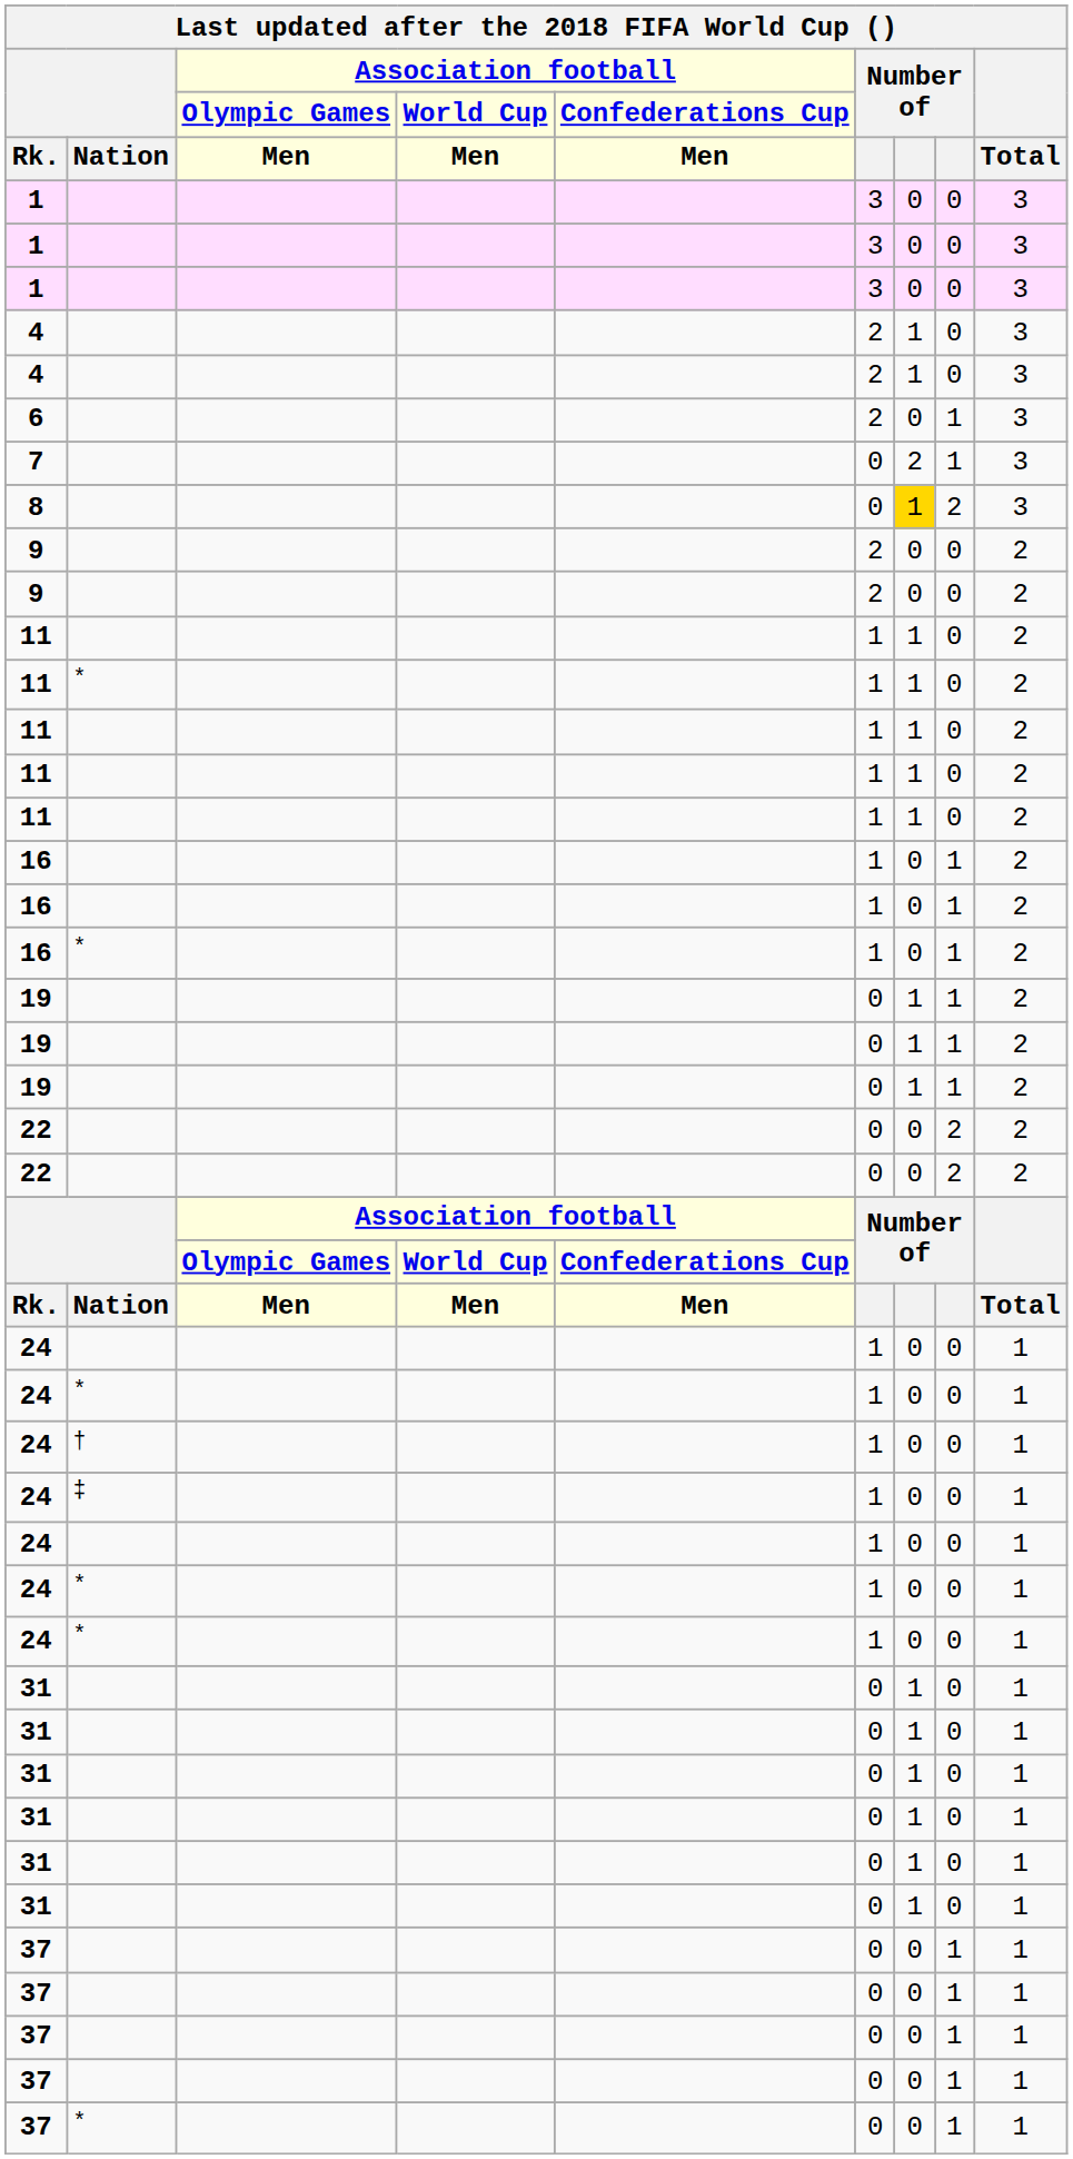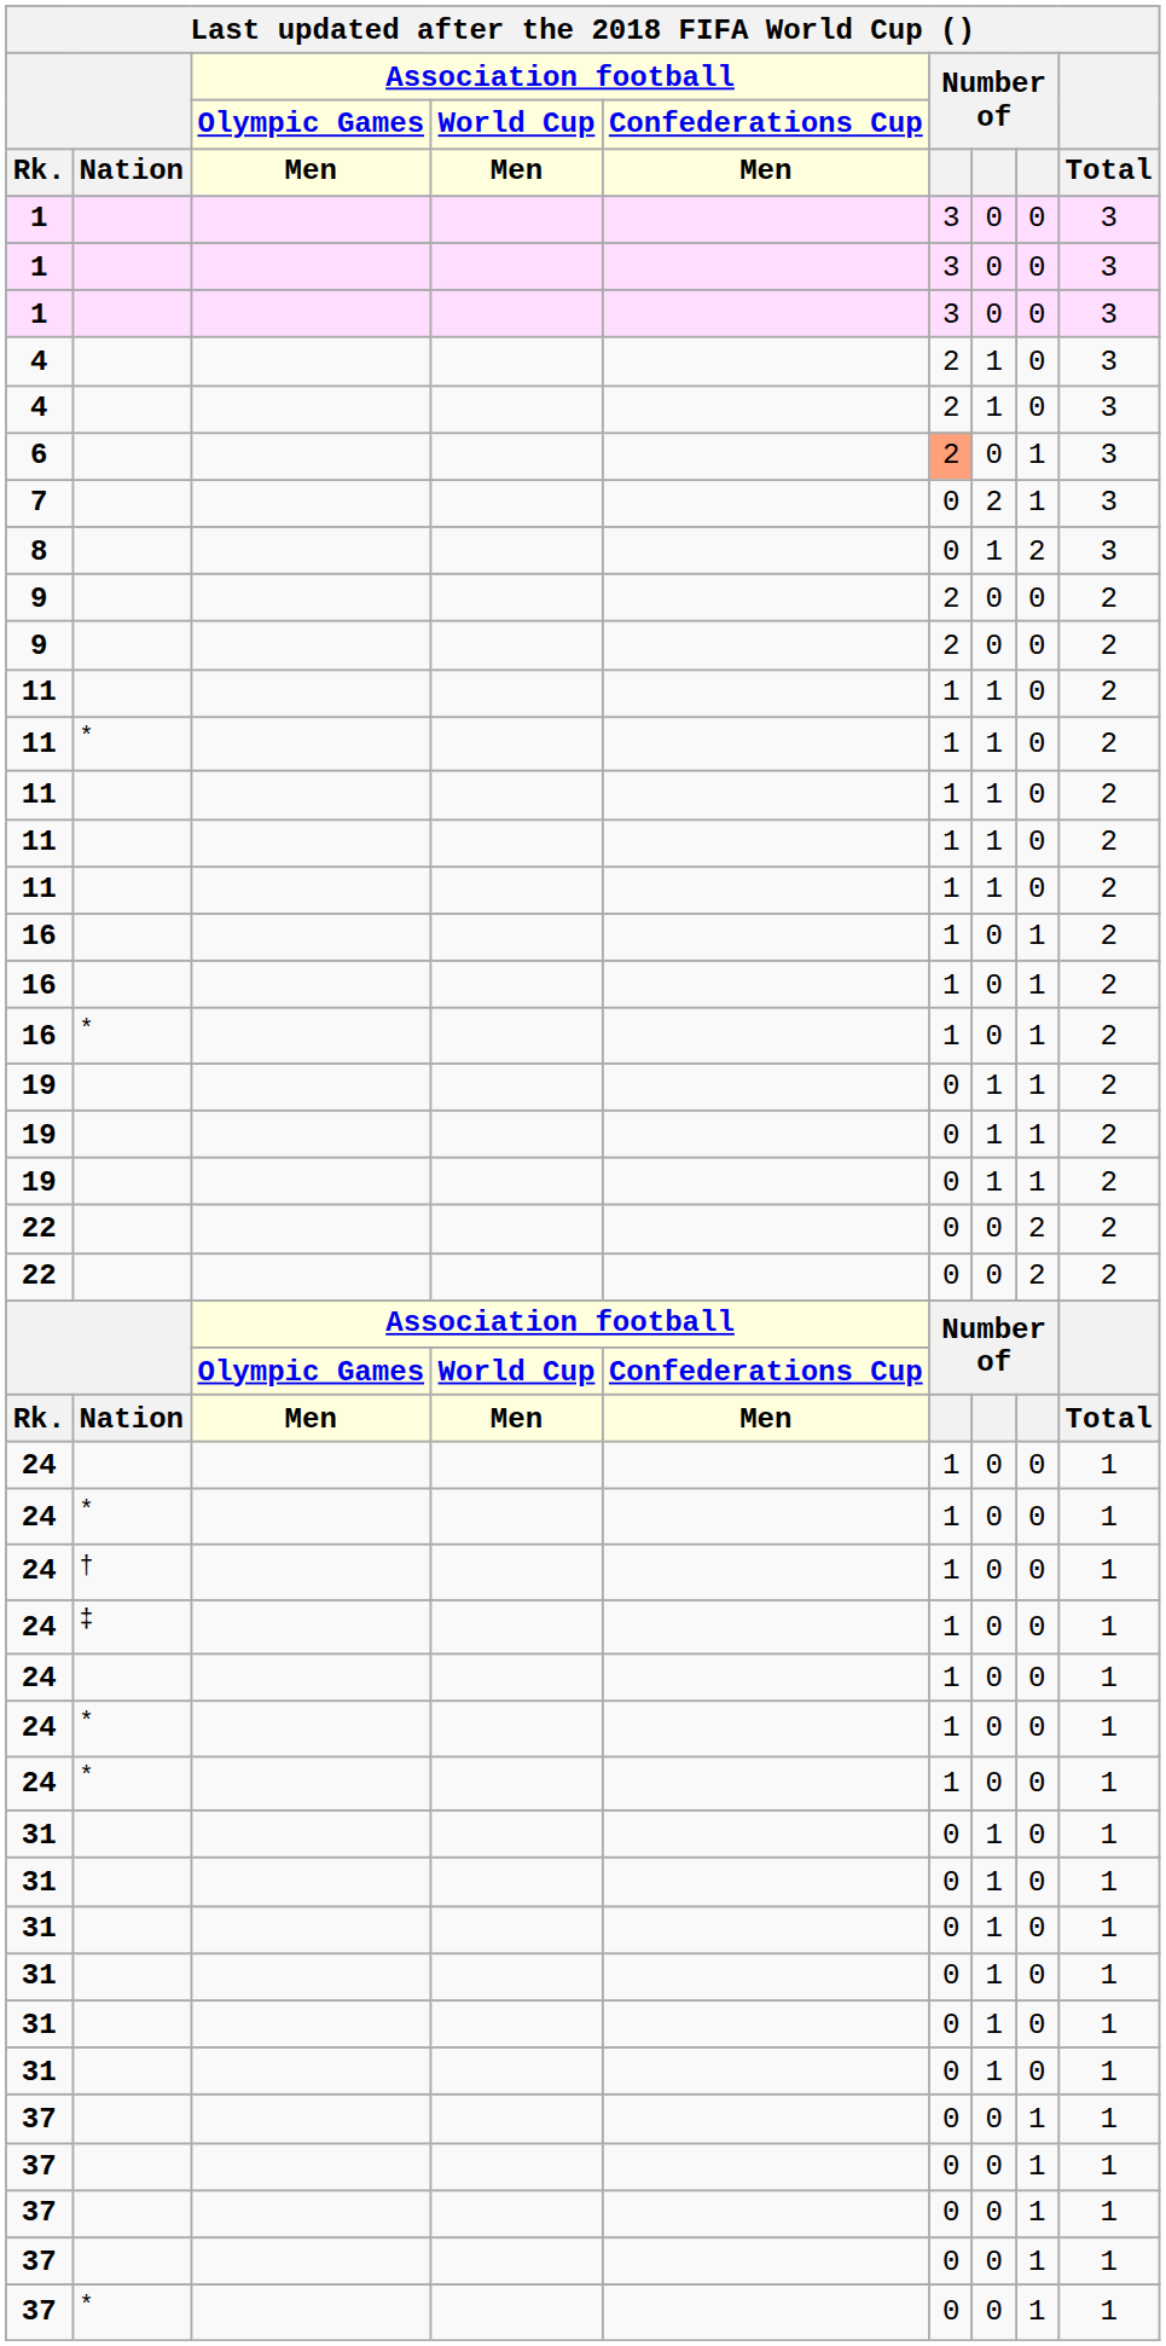 <table class="wikitable" style="margin-top: 0em; text-align: center; font-size: 100%;">
 <tr>
 <th colspan="11">Last updated after the 2018 FIFA World Cup ()</th>
 </tr>
 <tr>
 <th rowspan="2" colspan="2"></th>
 <th colspan="3" style="background: #ffd;"><a href='#'>Association football</a></th>
 <th rowspan="2" colspan="3">Number of</th>
 <th rowspan="2"></th>
 </tr>
 <tr>
 <th style="background: #ffd;"><a href='#'>Olympic Games</a></th>
 <th style="background: #ffd;"><a href='#'>World Cup</a></th>
 <th style="background: #ffd;"><a href='#'>Confederations Cup</a></th>
 </tr>
 <tr>
 <th style="width: 1em;">Rk.</th>
 <th>Nation</th>
 <th style="background: #ffd;">Men</th>
 <th style="background: #ffd;">Men</th>
 <th style="background: #ffd;">Men</th>
 <th style="width: 1em;"></th>
 <th style="width: 1em;"></th>
 <th style="width: 1em;"></th>
 <th style="width: 1em;">Total</th>
 </tr>
 <tr style="background: #fdf;">
 <td><strong>1</strong></td>
 <td style="text-align: left;"></td>
 <td></td>
 <td></td>
 <td></td>
 <td>3</td>
 <td>0</td>
 <td>0</td>
 <td>3</td>
 </tr>
 <tr style="background: #fdf;">
 <td><strong>1</strong></td>
 <td style="text-align: left;"></td>
 <td></td>
 <td></td>
 <td></td>
 <td>3</td>
 <td>0</td>
 <td>0</td>
 <td>3</td>
 </tr>
 <tr style="background: #fdf;">
 <td><strong>1</strong></td>
 <td style="text-align: left;"></td>
 <td></td>
 <td></td>
 <td></td>
 <td>3</td>
 <td>0</td>
 <td>0</td>
 <td>3</td>
 </tr>
 <tr>
 <td><strong>4</strong></td>
 <td style="text-align: left;"></td>
 <td></td>
 <td></td>
 <td></td>
 <td>2</td>
 <td>1</td>
 <td>0</td>
 <td>3</td>
 </tr>
 <tr>
 <td><strong>4</strong></td>
 <td style="text-align: left;"></td>
 <td></td>
 <td></td>
 <td></td>
 <td>2</td>
 <td>1</td>
 <td>0</td>
 <td>3</td>
 </tr>
 <tr>
 <td><strong>6</strong></td>
 <td style="text-align: left;"></td>
 <td></td>
 <td></td>
 <td></td>
-<td>2</td>
+<td style="background: lightsalmon;">2</td>
 <td>0</td>
 <td>1</td>
 <td>3</td>
 </tr>
 <tr>
 <td><strong>7</strong></td>
 <td style="text-align: left;"></td>
 <td></td>
 <td></td>
 <td></td>
 <td>0</td>
 <td>2</td>
 <td>1</td>
 <td>3</td>
 </tr>
 <tr>
 <td><strong>8</strong></td>
 <td style="text-align: left;"></td>
 <td></td>
 <td></td>
 <td></td>
 <td>0</td>
-<td style="background: gold;">1</td>
+<td>1</td>
 <td>2</td>
 <td>3</td>
 </tr>
 <tr>
 <td><strong>9</strong></td>
 <td style="text-align: left;"></td>
 <td></td>
 <td></td>
 <td></td>
 <td>2</td>
 <td>0</td>
 <td>0</td>
 <td>2</td>
 </tr>
 <tr>
 <td><strong>9</strong></td>
 <td style="text-align: left;"></td>
 <td></td>
 <td></td>
 <td></td>
 <td>2</td>
 <td>0</td>
 <td>0</td>
 <td>2</td>
 </tr>
 <tr>
 <td><strong>11</strong></td>
 <td style="text-align: left;"></td>
 <td></td>
 <td></td>
 <td></td>
 <td>1</td>
 <td>1</td>
 <td>0</td>
 <td>2</td>
 </tr>
 <tr>
 <td><strong>11</strong></td>
 <td style="text-align: left;"><em></em><sup>*</sup></td>
 <td></td>
 <td></td>
 <td></td>
 <td>1</td>
 <td>1</td>
 <td>0</td>
 <td>2</td>
 </tr>
 <tr>
 <td><strong>11</strong></td>
 <td style="text-align: left;"></td>
 <td></td>
 <td></td>
 <td></td>
 <td>1</td>
 <td>1</td>
 <td>0</td>
 <td>2</td>
 </tr>
 <tr>
 <td><strong>11</strong></td>
 <td style="text-align: left;"></td>
 <td></td>
 <td></td>
 <td></td>
 <td>1</td>
 <td>1</td>
 <td>0</td>
 <td>2</td>
 </tr>
 <tr>
 <td><strong>11</strong></td>
 <td style="text-align: left;"></td>
 <td></td>
 <td></td>
 <td></td>
 <td>1</td>
 <td>1</td>
 <td>0</td>
 <td>2</td>
 </tr>
 <tr>
 <td><strong>16</strong></td>
 <td style="text-align: left;"></td>
 <td></td>
 <td></td>
 <td></td>
 <td>1</td>
 <td>0</td>
 <td>1</td>
 <td>2</td>
 </tr>
 <tr>
 <td><strong>16</strong></td>
 <td style="text-align: left;"></td>
 <td></td>
 <td></td>
 <td></td>
 <td>1</td>
 <td>0</td>
 <td>1</td>
 <td>2</td>
 </tr>
 <tr>
 <td><strong>16</strong></td>
 <td style="text-align: left;"><em></em><sup>*</sup></td>
 <td></td>
 <td></td>
 <td></td>
 <td>1</td>
 <td>0</td>
 <td>1</td>
 <td>2</td>
 </tr>
 <tr>
 <td><strong>19</strong></td>
 <td style="text-align: left;"></td>
 <td></td>
 <td></td>
 <td></td>
 <td>0</td>
 <td>1</td>
 <td>1</td>
 <td>2</td>
 </tr>
 <tr>
 <td><strong>19</strong></td>
 <td style="text-align: left;"></td>
 <td></td>
 <td></td>
 <td></td>
 <td>0</td>
 <td>1</td>
 <td>1</td>
 <td>2</td>
 </tr>
 <tr>
 <td><strong>19</strong></td>
 <td style="text-align: left;"></td>
 <td></td>
 <td></td>
 <td></td>
 <td>0</td>
 <td>1</td>
 <td>1</td>
 <td>2</td>
 </tr>
 <tr>
 <td><strong>22</strong></td>
 <td style="text-align: left;"></td>
 <td></td>
 <td></td>
 <td></td>
 <td>0</td>
 <td>0</td>
 <td>2</td>
 <td>2</td>
 </tr>
 <tr>
 <td><strong>22</strong></td>
 <td style="text-align: left;"></td>
 <td></td>
 <td></td>
 <td></td>
 <td>0</td>
 <td>0</td>
 <td>2</td>
 <td>2</td>
 </tr>
 <tr>
 <th rowspan="2" colspan="2"></th>
 <th colspan="3" style="background: #ffd;"><a href='#'>Association football</a></th>
 <th rowspan="2" colspan="3">Number of</th>
 <th rowspan="2"></th>
 </tr>
 <tr>
 <th style="background: #ffd;"><a href='#'>Olympic Games</a></th>
 <th style="background: #ffd;"><a href='#'>World Cup</a></th>
 <th style="background: #ffd;"><a href='#'>Confederations Cup</a></th>
 </tr>
 <tr>
 <th style="width: 1em;">Rk.</th>
 <th>Nation</th>
 <th style="background: #ffd;">Men</th>
 <th style="background: #ffd;">Men</th>
 <th style="background: #ffd;">Men</th>
 <th style="width: 1em;"></th>
 <th style="width: 1em;"></th>
 <th style="width: 1em;"></th>
 <th style="width: 1em;">Total</th>
 </tr>
 <tr>
 <td><strong>24</strong></td>
 <td style="text-align: left;"></td>
 <td></td>
 <td></td>
 <td></td>
 <td>1</td>
 <td>0</td>
 <td>0</td>
 <td>1</td>
 </tr>
 <tr>
 <td><strong>24</strong></td>
 <td style="text-align: left;"><em></em><sup>*</sup></td>
 <td></td>
 <td></td>
 <td></td>
 <td>1</td>
 <td>0</td>
 <td>0</td>
 <td>1</td>
 </tr>
 <tr>
 <td><strong>24</strong></td>
 <td style="text-align: left;"><sup>†</sup></td>
 <td></td>
 <td></td>
 <td></td>
 <td>1</td>
 <td>0</td>
 <td>0</td>
 <td>1</td>
 </tr>
 <tr>
 <td><strong>24</strong></td>
 <td style="text-align: left;"><sup>‡</sup></td>
 <td></td>
 <td></td>
 <td></td>
 <td>1</td>
 <td>0</td>
 <td>0</td>
 <td>1</td>
 </tr>
 <tr>
 <td><strong>24</strong></td>
 <td style="text-align: left;"></td>
 <td></td>
 <td></td>
 <td></td>
 <td>1</td>
 <td>0</td>
 <td>0</td>
 <td>1</td>
 </tr>
 <tr>
 <td><strong>24</strong></td>
 <td style="text-align: left;"><em></em><sup>*</sup></td>
 <td></td>
 <td></td>
 <td></td>
 <td>1</td>
 <td>0</td>
 <td>0</td>
 <td>1</td>
 </tr>
 <tr>
 <td><strong>24</strong></td>
 <td style="text-align: left;"><em></em><sup>*</sup></td>
 <td></td>
 <td></td>
 <td></td>
 <td>1</td>
 <td>0</td>
 <td>0</td>
 <td>1</td>
 </tr>
 <tr>
 <td><strong>31</strong></td>
 <td style="text-align: left;"></td>
 <td></td>
 <td></td>
 <td></td>
 <td>0</td>
 <td>1</td>
 <td>0</td>
 <td>1</td>
 </tr>
 <tr>
 <td><strong>31</strong></td>
 <td style="text-align: left;"></td>
 <td></td>
 <td></td>
 <td></td>
 <td>0</td>
 <td>1</td>
 <td>0</td>
 <td>1</td>
 </tr>
 <tr>
 <td><strong>31</strong></td>
 <td style="text-align: left;"></td>
 <td></td>
 <td></td>
 <td></td>
 <td>0</td>
 <td>1</td>
 <td>0</td>
 <td>1</td>
 </tr>
 <tr>
 <td><strong>31</strong></td>
 <td style="text-align: left;"></td>
 <td></td>
 <td></td>
 <td></td>
 <td>0</td>
 <td>1</td>
 <td>0</td>
 <td>1</td>
 </tr>
 <tr>
 <td><strong>31</strong></td>
 <td style="text-align: left;"></td>
 <td></td>
 <td></td>
 <td></td>
 <td>0</td>
 <td>1</td>
 <td>0</td>
 <td>1</td>
 </tr>
 <tr>
 <td><strong>31</strong></td>
 <td style="text-align: left;"></td>
 <td></td>
 <td></td>
 <td></td>
 <td>0</td>
 <td>1</td>
 <td>0</td>
 <td>1</td>
 </tr>
 <tr>
 <td><strong>37</strong></td>
 <td style="text-align: left;"></td>
 <td></td>
 <td></td>
 <td></td>
 <td>0</td>
 <td>0</td>
 <td>1</td>
 <td>1</td>
 </tr>
 <tr>
 <td><strong>37</strong></td>
 <td style="text-align: left;"></td>
 <td></td>
 <td></td>
 <td></td>
 <td>0</td>
 <td>0</td>
 <td>1</td>
 <td>1</td>
 </tr>
 <tr>
 <td><strong>37</strong></td>
 <td style="text-align: left;"></td>
 <td></td>
 <td></td>
 <td></td>
 <td>0</td>
 <td>0</td>
 <td>1</td>
 <td>1</td>
 </tr>
 <tr>
 <td><strong>37</strong></td>
 <td style="text-align: left;"></td>
 <td></td>
 <td></td>
 <td></td>
 <td>0</td>
 <td>0</td>
 <td>1</td>
 <td>1</td>
 </tr>
 <tr>
 <td><strong>37</strong></td>
 <td style="text-align: left;"><em></em><sup>*</sup></td>
 <td></td>
 <td></td>
 <td></td>
 <td>0</td>
 <td>0</td>
 <td>1</td>
 <td>1</td>
 </tr>
 </table>
